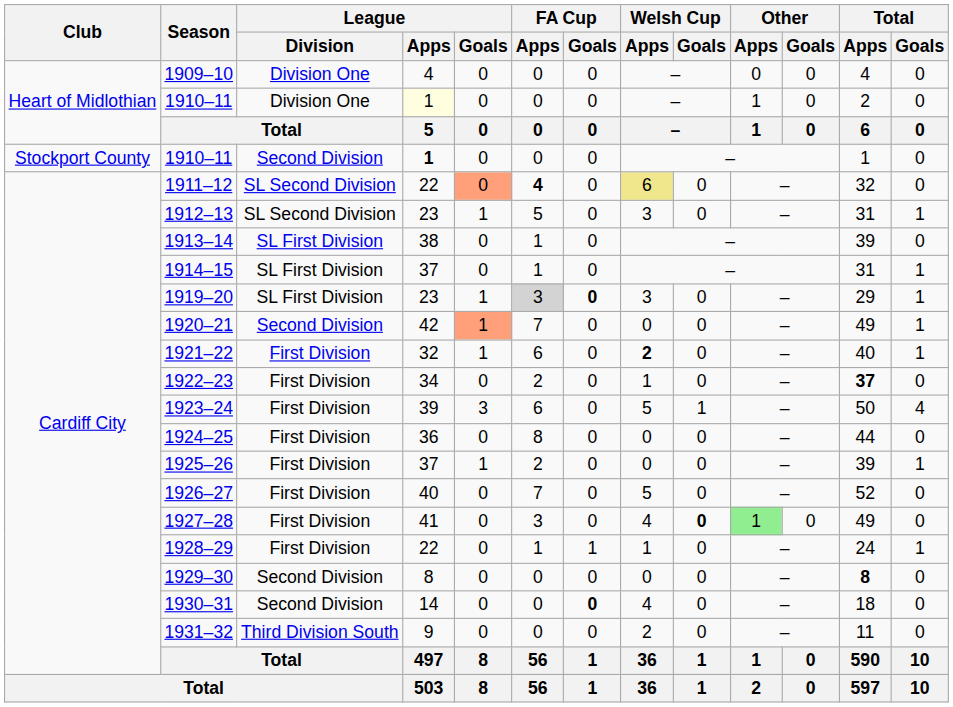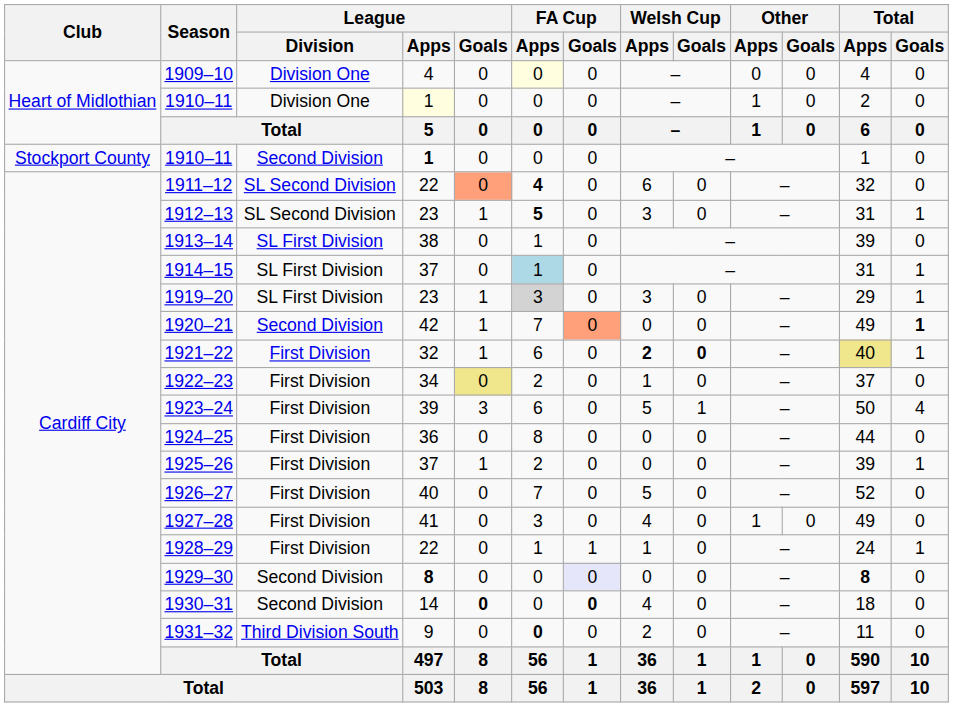 <table class="wikitable" style="text-align:center">
 <tr>
 <th rowspan="2">Club</th>
 <th rowspan="2">Season</th>
 <th colspan="3">League</th>
 <th colspan="2">FA Cup</th>
 <th colspan="2">Welsh Cup</th>
 <th colspan="2">Other</th>
 <th colspan="2">Total</th>
 </tr>
 <tr>
 <th>Division</th>
 <th>Apps</th>
 <th>Goals</th>
 <th>Apps</th>
 <th>Goals</th>
 <th>Apps</th>
 <th>Goals</th>
 <th>Apps</th>
 <th>Goals</th>
 <th>Apps</th>
 <th>Goals</th>
 </tr>
 <tr>
 <td rowspan="3"><a href='#'>Heart of Midlothian</a></td>
 <td><a href='#'>1909–10</a></td>
 <td><a href='#'>Division One</a></td>
 <td>4</td>
 <td>0</td>
-<td>0</td>
+<td style="background: lightyellow;">0</td>
 <td>0</td>
 <td colspan=2>–</td>
 <td>0</td>
 <td>0</td>
 <td>4</td>
 <td>0</td>
 </tr>
 <tr>
 <td><a href='#'>1910–11</a></td>
 <td>Division One</td>
 <td style="background: lightyellow;">1</td>
 <td>0</td>
 <td>0</td>
 <td>0</td>
 <td colspan=2>–</td>
 <td>1</td>
 <td>0</td>
 <td>2</td>
 <td>0</td>
 </tr>
 <tr>
 <th colspan="2">Total</th>
 <th>5</th>
 <th>0</th>
 <th>0</th>
 <th>0</th>
 <th colspan=2>–</th>
 <th>1</th>
 <th>0</th>
 <th>6</th>
 <th>0</th>
 </tr>
 <tr>
 <td><a href='#'>Stockport County</a></td>
 <td><a href='#'>1910–11</a></td>
 <td><a href='#'>Second Division</a></td>
 <td><strong>1</strong></td>
 <td>0</td>
 <td>0</td>
 <td>0</td>
 <td colspan=4>–</td>
 <td>1</td>
 <td>0</td>
 </tr>
 <tr>
 <td rowspan="18"><a href='#'>Cardiff City</a></td>
 <td><a href='#'>1911–12</a></td>
 <td><a href='#'>SL Second Division</a></td>
 <td>22</td>
 <td style="background: lightsalmon;">0</td>
 <td><strong>4</strong></td>
 <td>0</td>
-<td style="background: khaki;">6</td>
+<td>6</td>
 <td>0</td>
 <td colspan=2>–</td>
 <td>32</td>
 <td>0</td>
 </tr>
 <tr>
 <td><a href='#'>1912–13</a></td>
 <td>SL Second Division</td>
 <td>23</td>
 <td>1</td>
-<td>5</td>
+<td><strong>5</strong></td>
 <td>0</td>
 <td>3</td>
 <td>0</td>
 <td colspan=2>–</td>
 <td>31</td>
 <td>1</td>
 </tr>
 <tr>
 <td><a href='#'>1913–14</a></td>
 <td><a href='#'>SL First Division</a></td>
 <td>38</td>
 <td>0</td>
 <td>1</td>
 <td>0</td>
 <td colspan=4>–</td>
 <td>39</td>
 <td>0</td>
 </tr>
 <tr>
 <td><a href='#'>1914–15</a></td>
 <td>SL First Division</td>
 <td>37</td>
 <td>0</td>
-<td>1</td>
+<td style="background: lightblue;">1</td>
 <td>0</td>
 <td colspan=4>–</td>
 <td>31</td>
 <td>1</td>
 </tr>
 <tr>
 <td><a href='#'>1919–20</a></td>
 <td>SL First Division</td>
 <td>23</td>
 <td>1</td>
 <td style="background: lightgrey;">3</td>
-<td><strong>0</strong></td>
+<td>0</td>
 <td>3</td>
 <td>0</td>
 <td colspan=2>–</td>
 <td>29</td>
 <td>1</td>
 </tr>
 <tr>
 <td><a href='#'>1920–21</a></td>
 <td><a href='#'>Second Division</a></td>
 <td>42</td>
-<td style="background: lightsalmon;">1</td>
+<td>1</td>
 <td>7</td>
-<td>0</td>
+<td style="background: lightsalmon;">0</td>
 <td>0</td>
 <td>0</td>
 <td colspan=2>–</td>
 <td>49</td>
-<td>1</td>
+<td><strong>1</strong></td>
 </tr>
 <tr>
 <td><a href='#'>1921–22</a></td>
 <td><a href='#'>First Division</a></td>
 <td>32</td>
 <td>1</td>
 <td>6</td>
 <td>0</td>
 <td><strong>2</strong></td>
-<td>0</td>
+<td><strong>0</strong></td>
 <td colspan=2>–</td>
-<td>40</td>
+<td style="background: khaki;">40</td>
 <td>1</td>
 </tr>
 <tr>
 <td><a href='#'>1922–23</a></td>
 <td>First Division</td>
 <td>34</td>
-<td>0</td>
+<td style="background: khaki;">0</td>
 <td>2</td>
 <td>0</td>
 <td>1</td>
 <td>0</td>
 <td colspan=2>–</td>
-<td><strong>37</strong></td>
+<td>37</td>
 <td>0</td>
 </tr>
 <tr>
 <td><a href='#'>1923–24</a></td>
 <td>First Division</td>
 <td>39</td>
 <td>3</td>
 <td>6</td>
 <td>0</td>
 <td>5</td>
 <td>1</td>
 <td colspan=2>–</td>
 <td>50</td>
 <td>4</td>
 </tr>
 <tr>
 <td><a href='#'>1924–25</a></td>
 <td>First Division</td>
 <td>36</td>
 <td>0</td>
 <td>8</td>
 <td>0</td>
 <td>0</td>
 <td>0</td>
 <td colspan=2>–</td>
 <td>44</td>
 <td>0</td>
 </tr>
 <tr>
 <td><a href='#'>1925–26</a></td>
 <td>First Division</td>
 <td>37</td>
 <td>1</td>
 <td>2</td>
 <td>0</td>
 <td>0</td>
 <td>0</td>
 <td colspan=2>–</td>
 <td>39</td>
 <td>1</td>
 </tr>
 <tr>
 <td><a href='#'>1926–27</a></td>
 <td>First Division</td>
 <td>40</td>
 <td>0</td>
 <td>7</td>
 <td>0</td>
 <td>5</td>
 <td>0</td>
 <td colspan=2>–</td>
 <td>52</td>
 <td>0</td>
 </tr>
 <tr>
 <td><a href='#'>1927–28</a></td>
 <td>First Division</td>
 <td>41</td>
 <td>0</td>
 <td>3</td>
 <td>0</td>
 <td>4</td>
-<td><strong>0</strong></td>
-<td style="background: lightgreen;">1</td>
+<td>0</td>
+<td>1</td>
 <td>0</td>
 <td>49</td>
 <td>0</td>
 </tr>
 <tr>
 <td><a href='#'>1928–29</a></td>
 <td>First Division</td>
 <td>22</td>
 <td>0</td>
 <td>1</td>
 <td>1</td>
 <td>1</td>
 <td>0</td>
 <td colspan=2>–</td>
 <td>24</td>
 <td>1</td>
 </tr>
 <tr>
 <td><a href='#'>1929–30</a></td>
 <td>Second Division</td>
-<td>8</td>
+<td><strong>8</strong></td>
 <td>0</td>
 <td>0</td>
-<td>0</td>
+<td style="background: lavender;">0</td>
 <td>0</td>
 <td>0</td>
 <td colspan=2>–</td>
 <td><strong>8</strong></td>
 <td>0</td>
 </tr>
 <tr>
 <td><a href='#'>1930–31</a></td>
 <td>Second Division</td>
 <td>14</td>
-<td>0</td>
+<td><strong>0</strong></td>
 <td>0</td>
 <td><strong>0</strong></td>
 <td>4</td>
 <td>0</td>
 <td colspan=2>–</td>
 <td>18</td>
 <td>0</td>
 </tr>
 <tr>
 <td><a href='#'>1931–32</a></td>
 <td><a href='#'>Third Division South</a></td>
 <td>9</td>
 <td>0</td>
-<td>0</td>
+<td><strong>0</strong></td>
 <td>0</td>
 <td>2</td>
 <td>0</td>
 <td colspan=2>–</td>
 <td>11</td>
 <td>0</td>
 </tr>
 <tr>
 <th colspan="2">Total</th>
 <th>497</th>
 <th>8</th>
 <th>56</th>
 <th>1</th>
 <th>36</th>
 <th>1</th>
 <th>1</th>
 <th>0</th>
 <th>590</th>
 <th>10</th>
 </tr>
 <tr>
 <th colspan="3">Total</th>
 <th>503</th>
 <th>8</th>
 <th>56</th>
 <th>1</th>
 <th>36</th>
 <th>1</th>
 <th>2</th>
 <th>0</th>
 <th>597</th>
 <th>10</th>
 </tr>
 </table>
